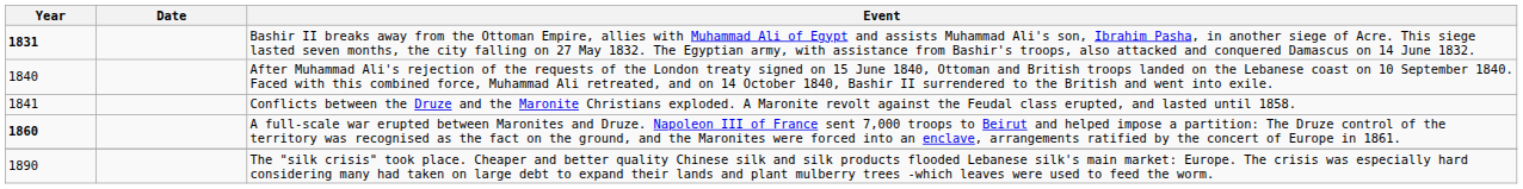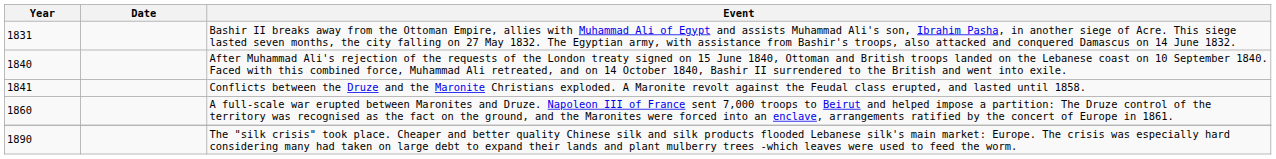 <table class="wikitable" width="100%">
 <tr>
 <th style="width:6%">Year</th>
 <th style="width:10%">Date</th>
 <th>Event</th>
 </tr>
 <tr>
-<td><strong>1831</strong></td>
+<td>1831</td>
 <td></td>
 <td>Bashir II breaks away from the Ottoman Empire, allies with <a href='#'>Muhammad Ali of Egypt</a> and assists Muhammad Ali's son, <a href='#'>Ibrahim Pasha</a>, in another siege of Acre. This siege lasted seven months, the city falling on 27 May 1832. The Egyptian army, with assistance from Bashir's troops, also attacked and conquered Damascus on 14 June 1832.</td>
 </tr>
 <tr>
 <td>1840</td>
 <td></td>
 <td>After Muhammad Ali's rejection of the requests of the London treaty signed on 15 June 1840, Ottoman and British troops landed on the Lebanese coast on 10 September 1840. Faced with this combined force, Muhammad Ali retreated, and on 14 October 1840, Bashir II surrendered to the British and went into exile.</td>
 </tr>
 <tr>
 <td>1841</td>
 <td></td>
 <td>Conflicts between the <a href='#'>Druze</a> and the <a href='#'>Maronite</a> Christians exploded. A Maronite revolt against the Feudal class erupted, and lasted until 1858.</td>
 </tr>
 <tr>
-<td><strong>1860</strong></td>
+<td>1860</td>
 <td></td>
 <td>A full-scale war erupted between Maronites and Druze. <a href='#'>Napoleon III of France</a> sent 7,000 troops to <a href='#'>Beirut</a> and helped impose a partition: The Druze control of the territory was recognised as the fact on the ground, and the Maronites were forced into an <a href='#'>enclave</a>, arrangements ratified by the concert of Europe in 1861.</td>
 </tr>
 <tr>
 </tr>
 <tr>
 <td>1890</td>
 <td></td>
 <td>The "silk crisis" took place.  Cheaper and better quality Chinese silk and silk products flooded Lebanese silk's main market: Europe.  The crisis was especially hard considering many had taken on large debt to expand their lands and plant mulberry trees -which leaves were used to feed the worm.</td>
 </tr>
 </table>
